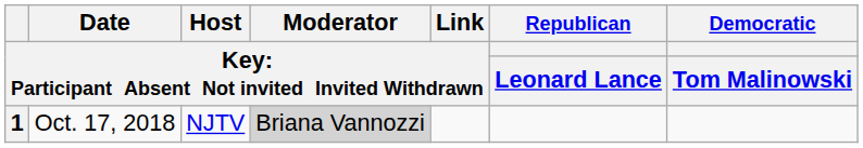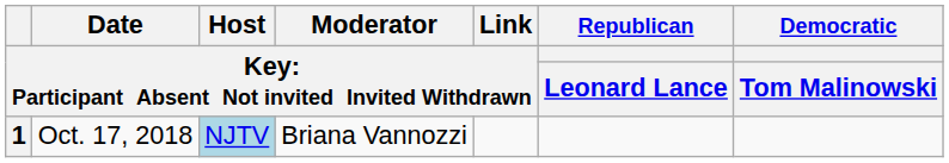 <table class="wikitable" style="text-align:center;">
 <tr>
 <th scope="col"></th>
 <th scope="col">Date</th>
 <th scope="col">Host</th>
 <th scope="col">Moderator</th>
 <th scope="col">Link</th>
 <th scope="col"><small><a href='#'>Republican</a></small></th>
 <th scope="col"><small><a href='#'>Democratic</a></small></th>
 </tr>
 <tr>
 <th colspan="5" rowspan="2">Key:<br> <small>Participant </small>  <small>Absent </small>  <small>Not invited </small>  <small>Invited  Withdrawn</small></th>
 <th scope="col" style="background:"></th>
 <th scope="col" style="background:"></th>
 </tr>
 <tr>
 <th scope="col"><a href='#'>Leonard Lance</a></th>
 <th scope="col"><a href='#'>Tom Malinowski</a></th>
 </tr>
 <tr>
 <th>1</th>
 <td style="white-space:nowrap;">Oct. 17, 2018</td>
-<td style="white-space:nowrap;"><a href='#'>NJTV</a></td>
-<td style="background: lightgrey; white-space:nowrap;">Briana Vannozzi</td>
+<td style="background: lightblue; white-space:nowrap;"><a href='#'>NJTV</a></td>
+<td style="white-space:nowrap;">Briana Vannozzi</td>
 <td style="white-space:nowrap;"></td>
 <td></td>
 <td></td>
 </tr>
 </table>
